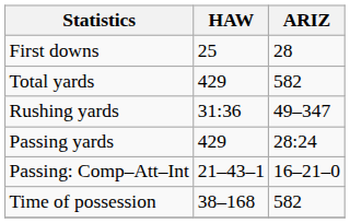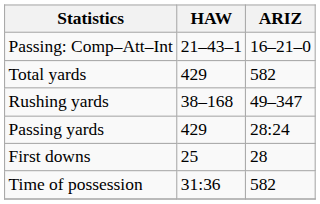 <table class="wikitable" style="float: left;">
 <tr>
 <th>Statistics</th>
 <th>HAW</th>
 <th>ARIZ</th>
 </tr>
 <tr>
-<td>First downs</td>
-<td>25</td>
-<td>28</td>
+<td>Passing: Comp–Att–Int</td>
+<td>21–43–1</td>
+<td>16–21–0</td>
 </tr>
 <tr>
 <td>Total yards</td>
 <td>429</td>
 <td>582</td>
 </tr>
 <tr>
 <td>Rushing yards</td>
-<td>31:36</td>
+<td>38–168</td>
 <td>49–347</td>
 </tr>
 <tr>
 <td>Passing yards</td>
 <td>429</td>
 <td>28:24</td>
 </tr>
 <tr>
-<td>Passing: Comp–Att–Int</td>
-<td>21–43–1</td>
-<td>16–21–0</td>
+<td>First downs</td>
+<td>25</td>
+<td>28</td>
 </tr>
 <tr>
 <td>Time of possession</td>
-<td>38–168</td>
+<td>31:36</td>
 <td>582</td>
 </tr>
 <tr>
 </tr>
 </table>
